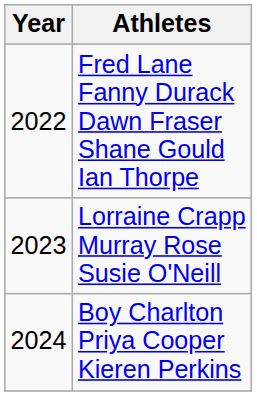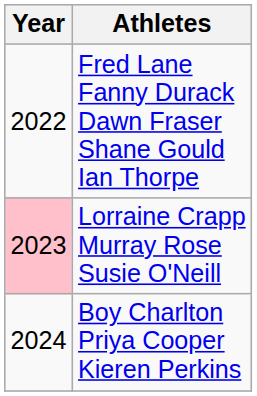 <table class="wikitable">
 <tr>
 <th>Year</th>
 <th>Athletes</th>
 </tr>
 <tr>
 <td>2022</td>
 <td><a href='#'>Fred Lane</a><br><a href='#'>Fanny Durack</a><br><a href='#'>Dawn Fraser</a><br><a href='#'>Shane Gould</a><br><a href='#'>Ian Thorpe</a></td>
 </tr>
 <tr>
-<td>2023</td>
+<td style="background: pink;">2023</td>
 <td><a href='#'>Lorraine Crapp</a> <br><a href='#'>Murray Rose</a><br><a href='#'>Susie O'Neill</a><br></td>
 </tr>
 <tr>
 <td>2024</td>
 <td><a href='#'>Boy Charlton</a><br><a href='#'>Priya Cooper</a><br><a href='#'>Kieren Perkins</a></td>
 </tr>
 </table>
